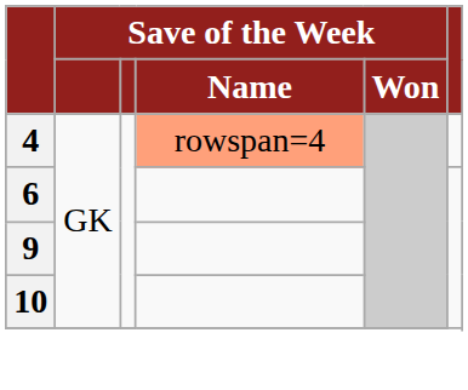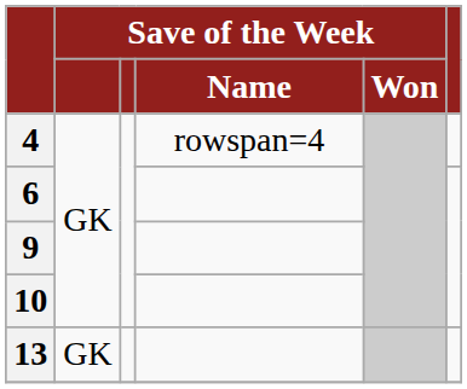 <table class="wikitable sortable" style="text-align:center;">
 <tr>
 <th rowspan=2 style="background:#921f1c; color:#fff;" scope="col"></th>
 <th colspan=4 style="background:#921f1c; color:#fff;" scope="colgroup">Save of the Week</th>
 <th rowspan=2 style="background:#921f1c; color:#fff;" scope="col"></th>
 </tr>
 <tr>
 <th style="background:#921f1c; color:#fff;" scope="col"></th>
 <th style="background:#921f1c; color:#fff;" scope="col"></th>
 <th style="background:#921f1c; color:#fff; width:100px;" scope="col">Name</th>
 <th style="background:#921f1c; color:#fff;" scope="col">Won</th>
 </tr>
 <tr>
 <th scope="row">4</th>
 <td rowspan=4>GK</td>
 <td rowspan=4></td>
-<td style="background: lightsalmon;">rowspan=4 </td>
+<td>rowspan=4 </td>
 <td rowspan=4 style="background:#ccc;"></td>
 <td></td>
 </tr>
 <tr>
 <th scope="row">6</th>
 <td></td>
 </tr>
 <tr>
 <th scope="row">9</th>
 <td></td>
 </tr>
 <tr>
 <th scope="row">10</th>
 <td></td>
 </tr>
 <tr>
+<th scope="row">13</th>
+<td>GK</td>
+<td></td>
+<td></td>
+<td style="background:#ccc;"></td>
+<td></td>
+</tr>
+<tr>
 </tr>
 </table>
